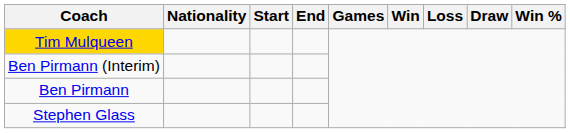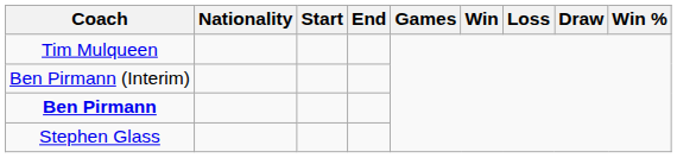 <table class="wikitable" style="text-align:center; margin-left: lem;">
 <tr>
 <th>Coach</th>
 <th>Nationality</th>
 <th>Start</th>
 <th>End</th>
 <th>Games</th>
 <th><strong>Win</strong></th>
 <th>Loss</th>
 <th>Draw</th>
 <th>Win %</th>
 </tr>
 <tr>
-<td style="background: gold;"><a href='#'>Tim Mulqueen</a></td>
+<td><a href='#'>Tim Mulqueen</a></td>
 <td></td>
 <td></td>
 <td><br></td>
 </tr>
 <tr>
 <td><a href='#'>Ben Pirmann</a> (Interim)</td>
 <td></td>
 <td></td>
 <td><br></td>
 </tr>
 <tr>
-<td><a href='#'>Ben Pirmann</a></td>
+<td><strong><a href='#'>Ben Pirmann</a></strong></td>
 <td></td>
 <td></td>
 <td><br></td>
 </tr>
 <tr>
 <td><a href='#'>Stephen Glass</a></td>
 <td></td>
 <td></td>
 <td><br></td>
 </tr>
 </table>
